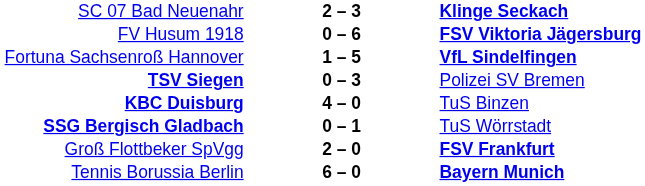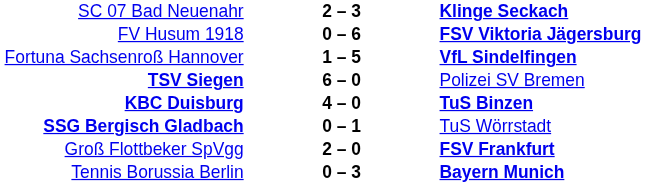 <table width=100% cellspacing=1>
 <tr>
 <th width=25%></th>
 <th width=10%></th>
 <th width=25%></th>
 <th></th>
 </tr>
 <tr style=font-size:90%>
 <td align=right><a href='#'>SC 07 Bad Neuenahr</a></td>
 <td align=center><strong>2 – 3</strong></td>
 <td><strong><a href='#'>Klinge Seckach</a></strong></td>
 </tr>
 <tr style=font-size:90%>
 <td align=right><a href='#'>FV Husum 1918</a></td>
 <td align=center><strong>0 – 6</strong></td>
 <td><strong><a href='#'>FSV Viktoria Jägersburg</a></strong></td>
 </tr>
 <tr style=font-size:90%>
 <td align=right><a href='#'>Fortuna Sachsenroß Hannover</a></td>
 <td align=center><strong>1 – 5</strong></td>
 <td><strong><a href='#'>VfL Sindelfingen</a></strong></td>
 </tr>
 <tr style=font-size:90%>
 <td align=right><strong><a href='#'>TSV Siegen</a></strong></td>
-<td align=center><strong>0 – 3</strong></td>
+<td align=center><strong>6 – 0</strong></td>
 <td><a href='#'>Polizei SV Bremen</a></td>
 </tr>
 <tr style=font-size:90%>
 <td align=right><strong><a href='#'>KBC Duisburg</a></strong></td>
 <td align=center><strong>4 – 0</strong></td>
-<td><a href='#'>TuS Binzen</a></td>
+<td><strong><a href='#'>TuS Binzen</a></strong></td>
 </tr>
 <tr style=font-size:90%>
 <td align=right><strong><a href='#'>SSG Bergisch Gladbach</a></strong></td>
 <td align=center><strong>0 – 1</strong></td>
 <td><a href='#'>TuS Wörrstadt</a></td>
 </tr>
 <tr style=font-size:90%>
 <td align=right><a href='#'>Groß Flottbeker SpVgg</a></td>
 <td align=center><strong>2 – 0</strong></td>
 <td><strong><a href='#'>FSV Frankfurt</a></strong></td>
 </tr>
 <tr style=font-size:90%>
 <td align=right><a href='#'>Tennis Borussia Berlin</a></td>
-<td align=center><strong>6 – 0</strong></td>
+<td align=center><strong>0 – 3</strong></td>
 <td><strong><a href='#'>Bayern Munich</a></strong></td>
 </tr>
 </table>
